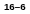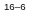 <table style="text-align:center">
 <tr>
 <th width=200></th>
 <th width=100></th>
 <th width=200></th>
 </tr>
 <tr>
 <td align=right><strong></strong></td>
-<td><strong>16–6</strong></td>
+<td>16–6</td>
 <td align=left></td>
 </tr>
 </table>
